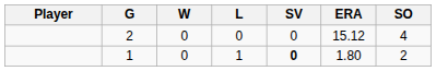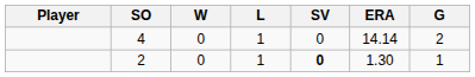 <table class="wikitable sortable">
 <tr>
 <th bgcolor="#DDDDFF" width="16%">Player</th>
-<th bgcolor="#DDDDFF" width="9%">G</th>
+<th bgcolor="#DDDDFF" width="9%">SO</th>
 <th bgcolor="#DDDDFF" width="9%">W</th>
 <th bgcolor="#DDDDFF" width="9%">L</th>
 <th bgcolor="#DDDDFF" width="9%">SV</th>
 <th bgcolor="#DDDDFF" width="9%">ERA</th>
-<th bgcolor="#DDDDFF" width="9%">SO</th>
+<th bgcolor="#DDDDFF" width="9%">G</th>
+</tr>
+<tr align="center">
+<td></td>
+<td>4</td>
+<td>0</td>
+<td>1</td>
+<td>0</td>
+<td>14.14</td>
+<td>2</td>
 </tr>
 <tr align="center">
 <td></td>
 <td>2</td>
 <td>0</td>
-<td>0</td>
-<td>0</td>
-<td>15.12</td>
-<td>4</td>
-</tr>
-<tr align="center">
-<td></td>
-<td>1</td>
-<td>0</td>
 <td>1</td>
 <td><strong>0</strong></td>
-<td>1.80</td>
-<td>2</td>
+<td>1.30</td>
+<td>1</td>
 </tr>
 </table>
